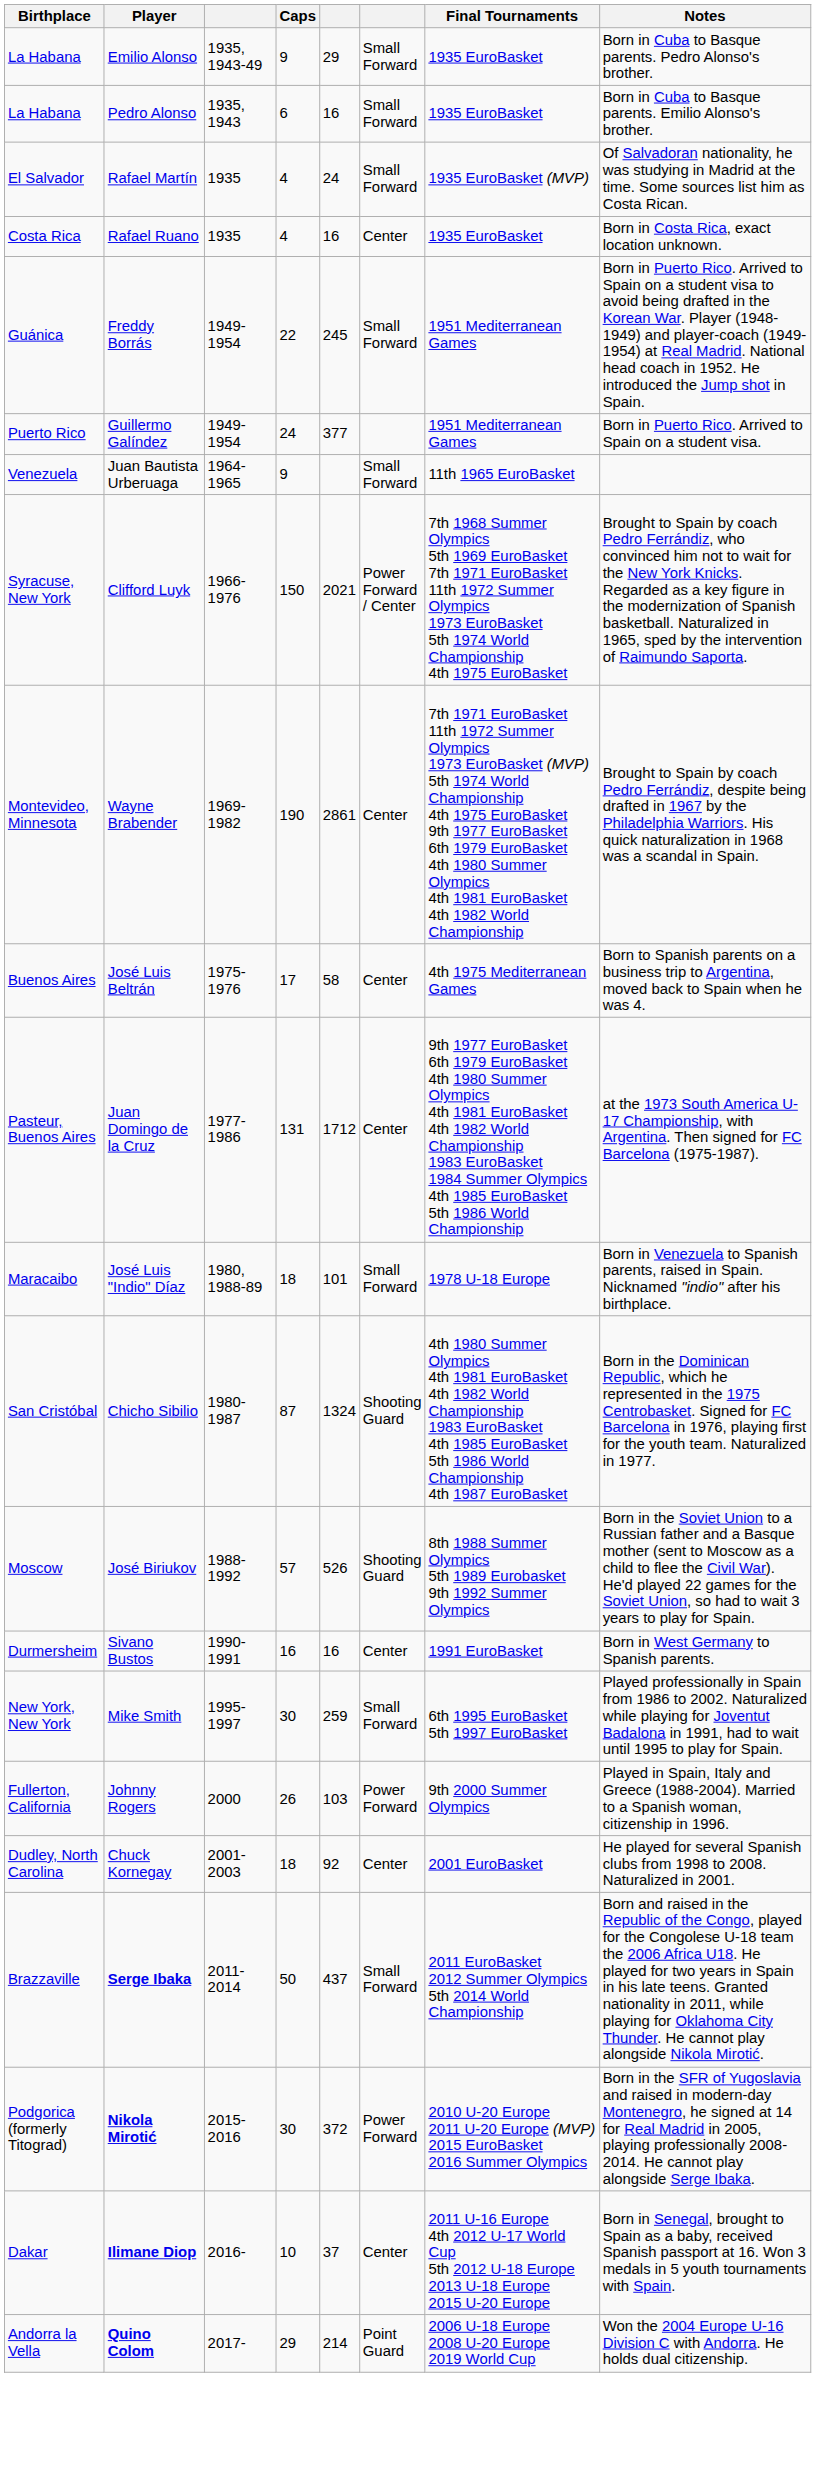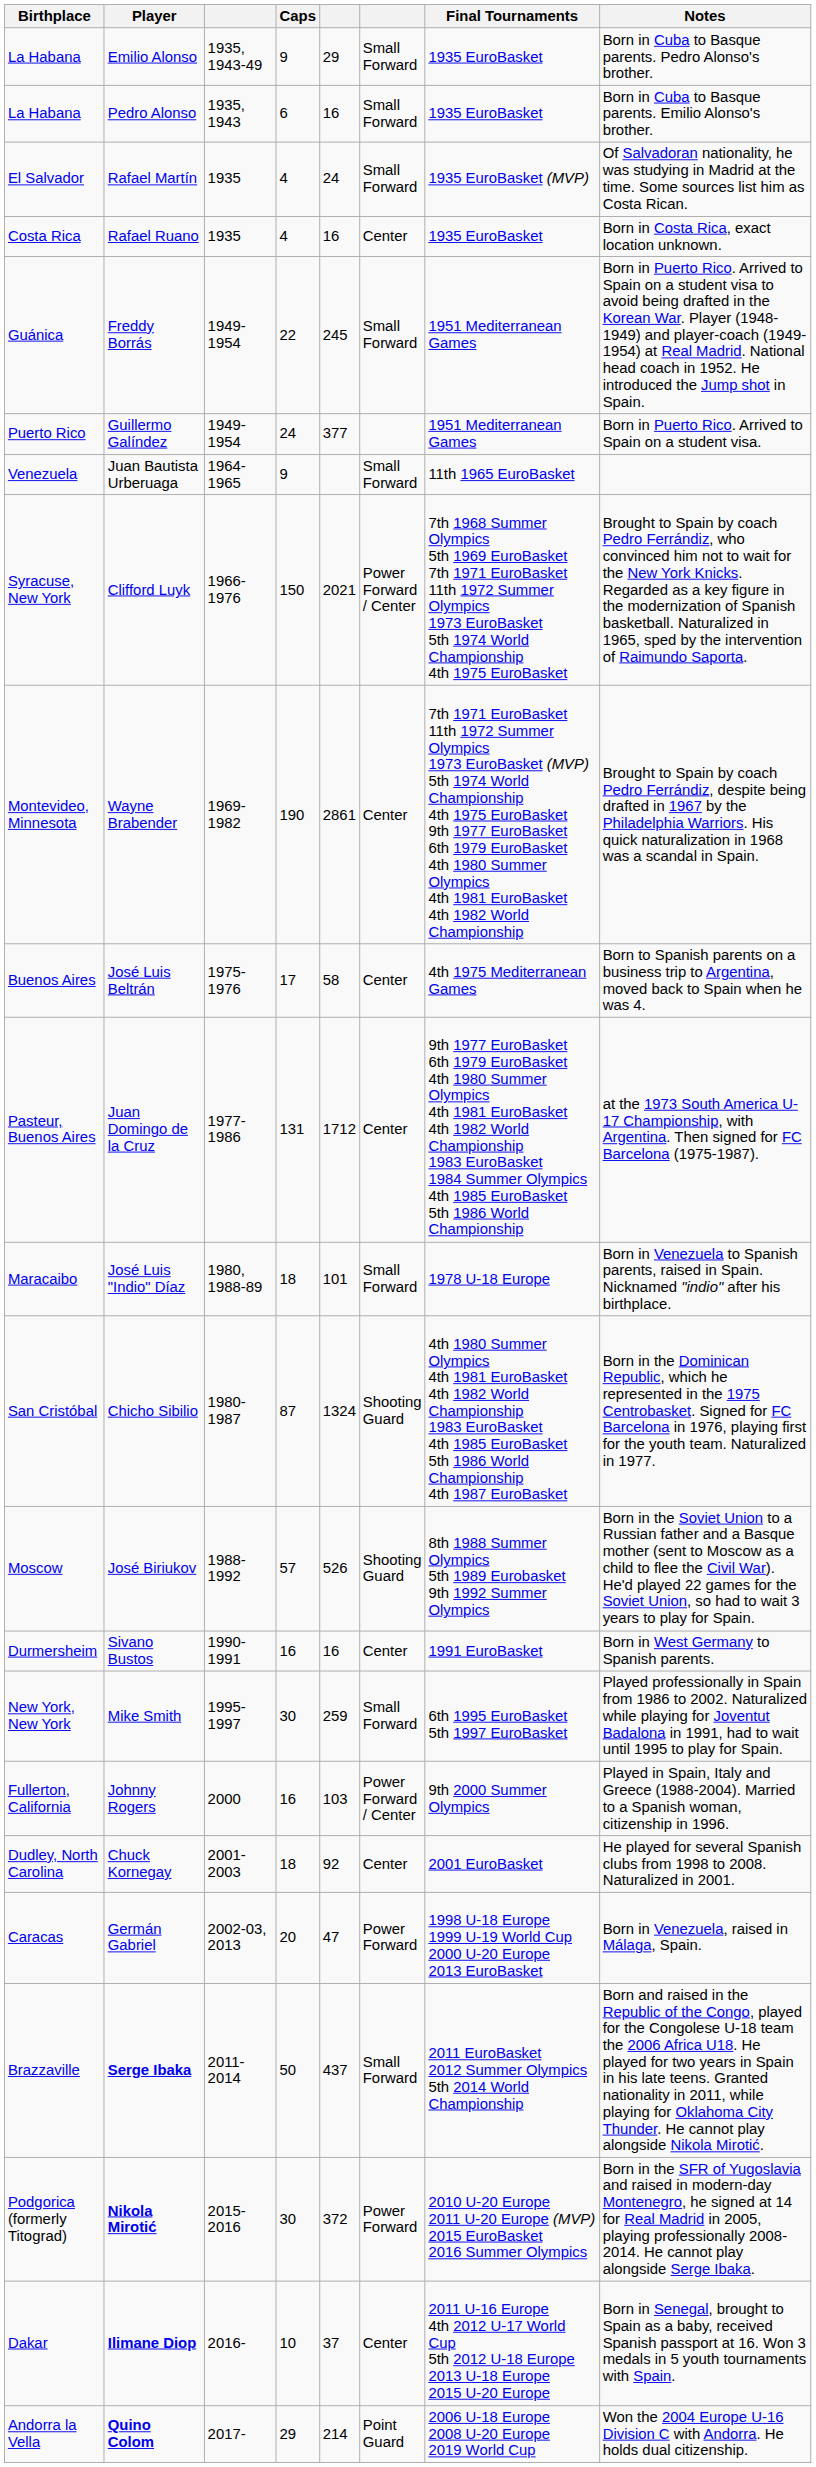 <table class="wikitable sortable">
 <tr>
 <th width="100">Birthplace</th>
 <th width="100">Player</th>
 <th width="70"></th>
 <th width="30">Caps</th>
 <th width="30"></th>
 <th width="30"></th>
 <th width="180">Final Tournaments</th>
 <th width="220">Notes</th>
 </tr>
 <tr>
 <td> <a href='#'>La Habana</a></td>
 <td><a href='#'>Emilio Alonso</a></td>
 <td>1935, 1943-49</td>
 <td>9</td>
 <td>29</td>
 <td>Small Forward</td>
 <td> <a href='#'>1935 EuroBasket</a></td>
 <td>Born in <a href='#'>Cuba</a> to Basque parents. Pedro Alonso's brother.</td>
 </tr>
 <tr>
 <td> <a href='#'>La Habana</a></td>
 <td><a href='#'>Pedro Alonso</a></td>
 <td>1935, 1943</td>
 <td>6</td>
 <td>16</td>
 <td>Small Forward</td>
 <td> <a href='#'>1935 EuroBasket</a></td>
 <td>Born in <a href='#'>Cuba</a> to Basque parents. Emilio Alonso's brother.</td>
 </tr>
 <tr>
 <td> <a href='#'>El Salvador</a></td>
 <td><a href='#'>Rafael Martín</a></td>
 <td>1935</td>
 <td>4</td>
 <td>24</td>
 <td>Small Forward</td>
 <td> <a href='#'>1935 EuroBasket</a> <em>(MVP)</em></td>
 <td>Of <a href='#'>Salvadoran</a> nationality, he was studying in Madrid at the time. Some sources list him as Costa Rican.</td>
 </tr>
 <tr>
 <td> <a href='#'>Costa Rica</a></td>
 <td><a href='#'>Rafael Ruano</a></td>
 <td>1935</td>
 <td>4</td>
 <td>16</td>
 <td>Center</td>
 <td> <a href='#'>1935 EuroBasket</a></td>
 <td>Born in <a href='#'>Costa Rica</a>, exact location unknown.</td>
 </tr>
 <tr>
 <td> <a href='#'>Guánica</a></td>
 <td><a href='#'>Freddy Borrás</a></td>
 <td>1949-1954</td>
 <td>22</td>
 <td>245</td>
 <td>Small Forward</td>
 <td> <a href='#'>1951 Mediterranean Games</a></td>
 <td>Born in <a href='#'>Puerto Rico</a>. Arrived to Spain on a student visa to avoid being drafted in the <a href='#'>Korean War</a>. Player (1948-1949) and player-coach (1949-1954) at <a href='#'>Real Madrid</a>. National head coach in 1952. He introduced the <a href='#'>Jump shot</a> in Spain.</td>
 </tr>
 <tr>
 <td> <a href='#'>Puerto Rico</a></td>
 <td><a href='#'>Guillermo Galíndez</a></td>
 <td>1949-1954</td>
 <td>24</td>
 <td>377</td>
 <td></td>
 <td> <a href='#'>1951 Mediterranean Games</a></td>
 <td>Born in <a href='#'>Puerto Rico</a>. Arrived to Spain on a student visa.</td>
 </tr>
 <tr>
 <td> <a href='#'>Venezuela</a></td>
 <td>Juan Bautista Urberuaga</td>
 <td>1964-1965</td>
 <td>9</td>
 <td></td>
 <td>Small Forward</td>
 <td>11th <a href='#'>1965 EuroBasket</a></td>
 <td></td>
 </tr>
 <tr>
 <td> <a href='#'>Syracuse, New York</a></td>
 <td><a href='#'>Clifford Luyk</a></td>
 <td>1966-1976</td>
 <td>150</td>
 <td>2021</td>
 <td Center>Power Forward / Center</td>
 <td><br>7th <a href='#'>1968 Summer Olympics</a><br> 5th <a href='#'>1969 EuroBasket</a><br> 7th <a href='#'>1971 EuroBasket</a><br> 11th <a href='#'>1972 Summer Olympics</a><br>  <a href='#'>1973 EuroBasket</a><br> 5th <a href='#'>1974 World Championship</a><br> 4th <a href='#'>1975 EuroBasket</a></td>
 <td>Brought to Spain by coach <a href='#'>Pedro Ferrándiz</a>, who convinced him not to wait for the <a href='#'>New York Knicks</a>. Regarded as a key figure in the modernization of Spanish basketball. Naturalized in 1965, sped by the intervention of <a href='#'>Raimundo Saporta</a>.</td>
 </tr>
 <tr>
 <td> <a href='#'>Montevideo, Minnesota</a></td>
 <td><a href='#'>Wayne Brabender</a></td>
 <td>1969-1982</td>
 <td>190</td>
 <td>2861</td>
 <td>Center</td>
 <td><br>7th <a href='#'>1971 EuroBasket</a><br> 11th <a href='#'>1972 Summer Olympics</a><br>  <a href='#'>1973 EuroBasket</a> <em>(MVP)</em><br> 5th <a href='#'>1974 World Championship</a><br> 4th <a href='#'>1975 EuroBasket</a><br> 9th <a href='#'>1977 EuroBasket</a><br> 6th <a href='#'>1979 EuroBasket</a><br> 4th <a href='#'>1980 Summer Olympics</a><br> 4th <a href='#'>1981 EuroBasket</a><br> 4th <a href='#'>1982 World Championship</a></td>
 <td>Brought to Spain by coach <a href='#'>Pedro Ferrándiz</a>, despite being drafted in <a href='#'>1967</a> by the <a href='#'>Philadelphia Warriors</a>. His quick naturalization in 1968 was a scandal in Spain.</td>
 </tr>
 <tr>
 <td> <a href='#'>Buenos Aires</a></td>
 <td><a href='#'>José Luis Beltrán</a></td>
 <td>1975-1976</td>
 <td>17</td>
 <td>58</td>
 <td>Center</td>
 <td>4th <a href='#'>1975 Mediterranean Games</a></td>
 <td>Born to Spanish parents on a business trip to <a href='#'>Argentina</a>, moved back to Spain when he was 4.</td>
 </tr>
 <tr>
 <td> <a href='#'>Pasteur, Buenos Aires</a></td>
 <td><a href='#'>Juan Domingo de la Cruz</a></td>
 <td>1977-1986</td>
 <td>131</td>
 <td>1712</td>
 <td Center>Center</td>
 <td><br>9th <a href='#'>1977 EuroBasket</a><br> 6th <a href='#'>1979 EuroBasket</a><br> 4th <a href='#'>1980 Summer Olympics</a><br> 4th <a href='#'>1981 EuroBasket</a><br> 4th <a href='#'>1982 World Championship</a><br>  <a href='#'>1983 EuroBasket</a><br>  <a href='#'>1984 Summer Olympics</a><br> 4th <a href='#'>1985 EuroBasket</a><br> 5th <a href='#'>1986 World Championship</a></td>
 <td> at the <a href='#'>1973 South America U-17 Championship</a>, with <a href='#'>Argentina</a>. Then signed for <a href='#'>FC Barcelona</a> (1975-1987).</td>
 </tr>
 <tr>
 <td> <a href='#'>Maracaibo</a></td>
 <td><a href='#'>José Luis "Indio" Díaz</a></td>
 <td>1980, 1988-89</td>
 <td>18</td>
 <td>101</td>
 <td>Small Forward</td>
 <td> <a href='#'>1978 U-18 Europe</a></td>
 <td>Born in <a href='#'>Venezuela</a> to Spanish parents, raised in Spain. Nicknamed <em>"indio"</em> after his birthplace.</td>
 </tr>
 <tr>
 <td> <a href='#'>San Cristóbal</a></td>
 <td><a href='#'>Chicho Sibilio</a></td>
 <td>1980-1987</td>
 <td>87</td>
 <td>1324</td>
 <td Shooting Guard>Shooting Guard</td>
 <td><br>4th <a href='#'>1980 Summer Olympics</a><br> 4th <a href='#'>1981 EuroBasket</a><br> 4th <a href='#'>1982 World Championship</a><br>  <a href='#'>1983 EuroBasket</a><br> 4th <a href='#'>1985 EuroBasket</a><br> 5th <a href='#'>1986 World Championship</a><br> 4th <a href='#'>1987 EuroBasket</a></td>
 <td>Born in the <a href='#'>Dominican Republic</a>, which he represented in the <a href='#'>1975 Centrobasket</a>. Signed for <a href='#'>FC Barcelona</a> in 1976, playing first for the youth team. Naturalized in 1977.</td>
 </tr>
 <tr>
 <td>  <a href='#'>Moscow</a></td>
 <td><a href='#'>José Biriukov</a></td>
 <td>1988-1992</td>
 <td>57</td>
 <td>526</td>
 <td Shooting Guard>Shooting Guard</td>
 <td><br>8th <a href='#'>1988 Summer Olympics</a><br> 5th <a href='#'>1989 Eurobasket</a><br> 9th <a href='#'>1992 Summer Olympics</a></td>
 <td>Born in the <a href='#'>Soviet Union</a>  to a Russian father and a Basque mother (sent to Moscow as a child to flee the <a href='#'>Civil War</a>). He'd played 22 games for the <a href='#'>Soviet Union</a>, so had to wait 3 years to play for Spain.</td>
 </tr>
 <tr>
 <td> <a href='#'>Durmersheim</a></td>
 <td><a href='#'>Sivano Bustos</a></td>
 <td>1990-1991</td>
 <td>16</td>
 <td>16</td>
 <td>Center</td>
 <td> <a href='#'>1991 EuroBasket</a></td>
 <td>Born in <a href='#'>West Germany</a> to Spanish parents.</td>
 </tr>
 <tr>
 <td> <a href='#'>New York, New York</a></td>
 <td><a href='#'>Mike Smith</a></td>
 <td>1995-1997</td>
 <td>30</td>
 <td>259</td>
 <td Small Forward>Small Forward</td>
 <td><br>6th <a href='#'>1995 EuroBasket</a><br> 5th <a href='#'>1997 EuroBasket</a></td>
 <td>Played professionally in Spain from 1986 to 2002. Naturalized while playing for <a href='#'>Joventut Badalona</a> in 1991, had to wait until 1995 to play for Spain.</td>
 </tr>
 <tr>
 <td> <a href='#'>Fullerton, California</a></td>
 <td><a href='#'>Johnny Rogers</a></td>
 <td>2000</td>
-<td>26</td>
+<td>16</td>
 <td>103</td>
-<td>Power Forward</td>
+<td Center>Power Forward / Center</td>
 <td>9th <a href='#'>2000 Summer Olympics</a></td>
 <td>Played in Spain, Italy and Greece (1988-2004). Married to a Spanish woman, citizenship in 1996.</td>
 </tr>
 <tr>
 <td> <a href='#'>Dudley, North Carolina</a></td>
 <td><a href='#'>Chuck Kornegay</a></td>
 <td>2001-2003</td>
 <td>18</td>
 <td>92</td>
 <td>Center</td>
 <td> <a href='#'>2001 EuroBasket</a></td>
 <td>He played for several Spanish clubs from 1998 to 2008. Naturalized in 2001.</td>
+</tr>
+<tr>
+<td> <a href='#'>Caracas</a></td>
+<td><a href='#'>Germán Gabriel</a></td>
+<td>2002-03, 2013</td>
+<td>20</td>
+<td>47</td>
+<td Power Forward>Power Forward</td>
+<td><br> <a href='#'>1998 U-18 Europe</a><br>  <a href='#'>1999 U-19 World Cup</a><br>  <a href='#'>2000 U-20 Europe</a><br>  <a href='#'>2013 EuroBasket</a></td>
+<td>Born in <a href='#'>Venezuela</a>, raised in <a href='#'>Málaga</a>, Spain.</td>
 </tr>
 <tr>
 <td> <a href='#'>Brazzaville</a></td>
 <td><strong><a href='#'>Serge Ibaka</a></strong></td>
 <td>2011-2014</td>
 <td>50</td>
 <td>437</td>
 <td Center>Small Forward</td>
 <td><br> <a href='#'>2011 EuroBasket</a><br>  <a href='#'>2012 Summer Olympics</a><br> 5th <a href='#'>2014 World Championship</a></td>
 <td>Born and raised in the <a href='#'>Republic of the Congo</a>, played for the Congolese U-18 team the <a href='#'>2006 Africa U18</a>. He played for two years in Spain in his late teens. Granted nationality in 2011, while playing for <a href='#'>Oklahoma City Thunder</a>. He cannot play alongside <a href='#'>Nikola Mirotić</a>.</td>
 </tr>
 <tr>
 <td> <a href='#'>Podgorica</a> (formerly Titograd)</td>
 <td><strong><a href='#'>Nikola Mirotić</a></strong></td>
 <td>2015-2016</td>
 <td>30</td>
 <td>372</td>
 <td Power Forward>Power Forward</td>
 <td><br> <a href='#'>2010 U-20 Europe</a><br>  <a href='#'>2011 U-20 Europe</a> <em>(MVP)</em><br>  <a href='#'>2015 EuroBasket</a><br>  <a href='#'>2016 Summer Olympics</a></td>
 <td>Born in the <a href='#'>SFR of Yugoslavia</a>  and raised in modern-day <a href='#'>Montenegro</a>, he signed at 14 for <a href='#'>Real Madrid</a> in 2005, playing professionally 2008-2014. He cannot play alongside <a href='#'>Serge Ibaka</a>.</td>
 </tr>
 <tr>
 <td> <a href='#'>Dakar</a></td>
 <td><strong><a href='#'>Ilimane Diop</a></strong></td>
 <td>2016-</td>
 <td>10</td>
 <td>37</td>
 <td>Center</td>
 <td><br> <a href='#'>2011 U-16 Europe</a><br> 4th <a href='#'>2012 U-17 World Cup</a><br> 5th <a href='#'>2012 U-18 Europe</a><br>  <a href='#'>2013 U-18 Europe</a><br>  <a href='#'>2015 U-20 Europe</a></td>
 <td>Born in <a href='#'>Senegal</a>, brought to Spain as a baby, received Spanish passport at 16. Won 3 medals in 5 youth tournaments with <a href='#'>Spain</a>.</td>
 </tr>
 <tr>
 <td> <a href='#'>Andorra la Vella</a></td>
 <td><strong><a href='#'>Quino Colom</a></strong></td>
 <td>2017-</td>
 <td>29</td>
 <td>214</td>
 <td>Point Guard</td>
 <td> <a href='#'>2006 U-18 Europe</a><br> <a href='#'>2008 U-20 Europe</a><br> <a href='#'>2019 World Cup</a></td>
 <td>Won the <a href='#'>2004 Europe U-16 Division C</a> with <a href='#'>Andorra</a>. He holds dual citizenship.</td>
 </tr>
 </table>
